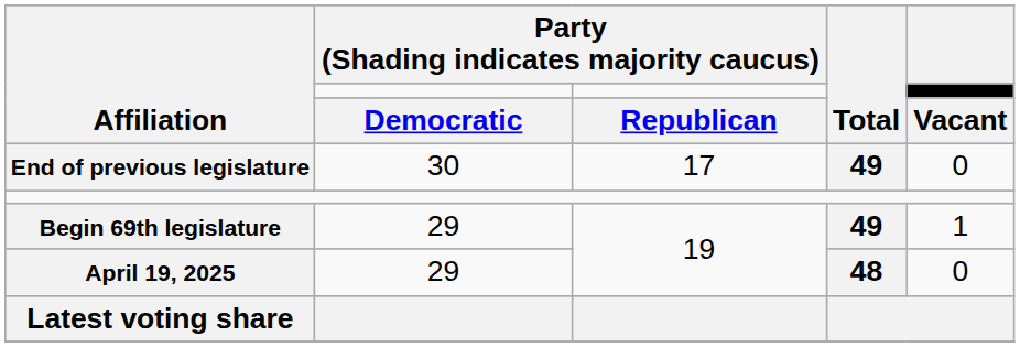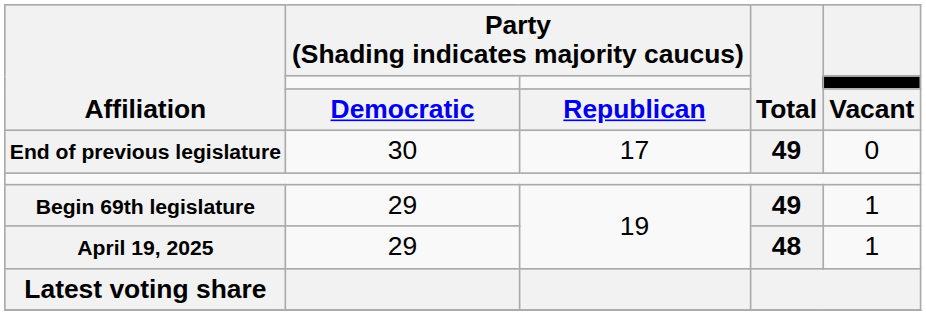 <table class=wikitable style="text-align:center">
 <tr valign=bottom>
 <th rowspan=3>Affiliation</th>
 <th colspan=2>Party <div>(Shading indicates majority caucus)</div></th>
 <th rowspan=3>Total</th>
 <th scope="col"></th>
 </tr>
 <tr style="height:5px">
 <td style="background-color:"></td>
 <td style="background-color:"></td>
 <td style="background:black"></td>
 </tr>
 <tr>
 <th><a href='#'>Democratic</a></th>
 <th><a href='#'>Republican</a></th>
 <th>Vacant</th>
 </tr>
 <tr>
 <th nowrap="" style="font-size:80%">End of previous legislature</th>
 <td>30</td>
 <td>17</td>
 <th>49</th>
 <td>0</td>
 </tr>
 <tr>
 <td colspan=6></td>
 </tr>
 <tr>
 <th nowrap="" style="font-size:80%">Begin 69th legislature</th>
 <td>29</td>
 <td rowspan=2>19</td>
 <th>49</th>
 <td>1</td>
 </tr>
 <tr>
 <th nowrap="" style="font-size:80%">April 19, 2025</th>
 <td>29</td>
 <th>48</th>
-<td>0</td>
+<td>1</td>
 </tr>
 <tr>
 <th>Latest voting share</th>
 <th></th>
 <th></th>
 <th colspan=2></th>
 </tr>
 <tr>
 </tr>
 </table>
